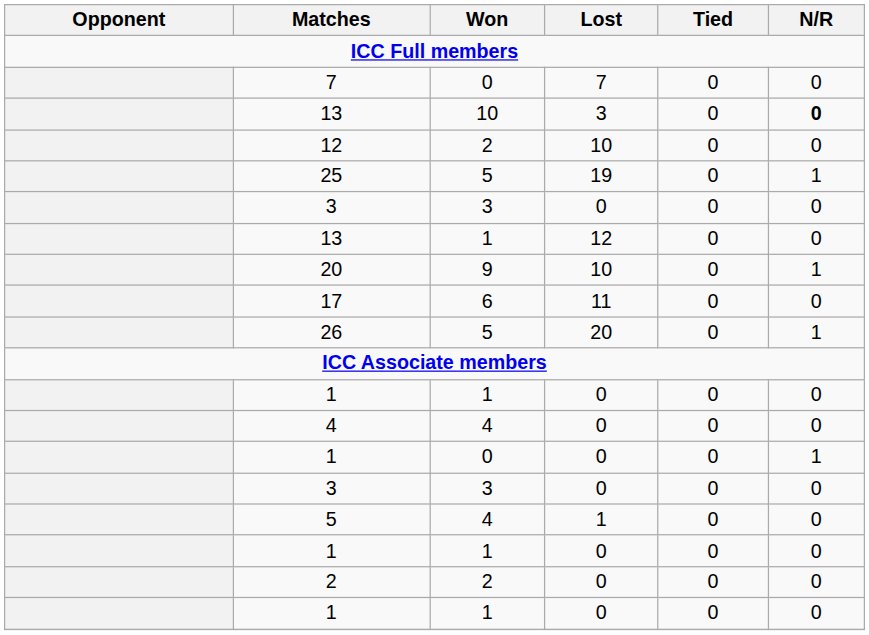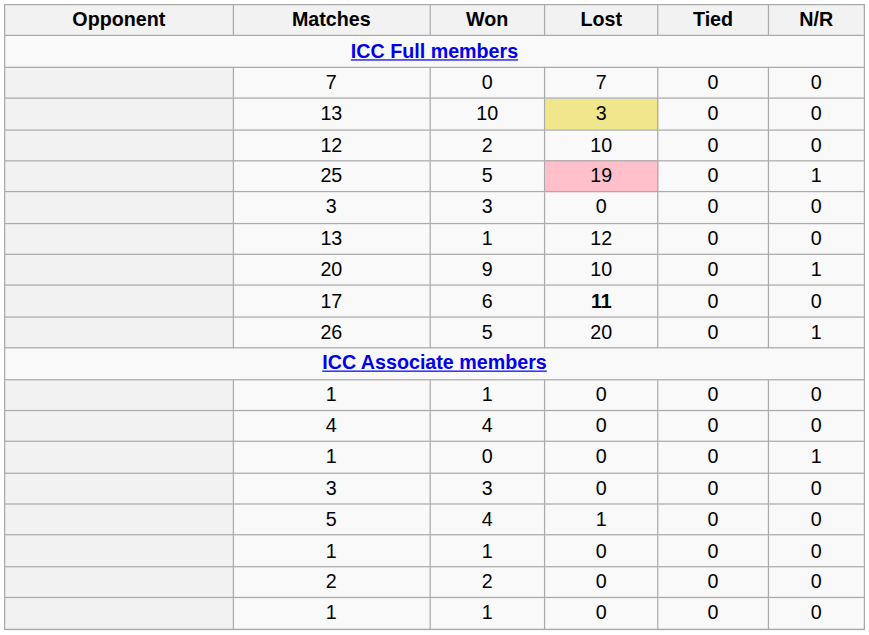 <table class="wikitable plainrowheaders sortable" style="text-align:center;  width: 700px;">
 <tr>
 <th>Opponent</th>
 <th>Matches</th>
 <th>Won</th>
 <th>Lost</th>
 <th>Tied</th>
 <th>N/R</th>
 </tr>
 <tr>
 <td colspan="8" style="text-align: center;"><strong><a href='#'>ICC Full members</a></strong></td>
 </tr>
 <tr>
 <th scope="row"></th>
 <td>7</td>
 <td>0</td>
 <td>7</td>
 <td>0</td>
 <td>0</td>
 </tr>
 <tr>
 <th scope="row"></th>
 <td>13</td>
 <td>10</td>
-<td>3</td>
+<td style="background: khaki;">3</td>
 <td>0</td>
-<td><strong>0</strong></td>
+<td>0</td>
 </tr>
 <tr>
 <th scope="row"></th>
 <td>12</td>
 <td>2</td>
 <td>10</td>
 <td>0</td>
 <td>0</td>
 </tr>
 <tr>
 <th scope="row"></th>
 <td>25</td>
 <td>5</td>
-<td>19</td>
+<td style="background: pink;">19</td>
 <td>0</td>
 <td>1</td>
 </tr>
 <tr>
 <th scope="row"></th>
 <td>3</td>
 <td>3</td>
 <td>0</td>
 <td>0</td>
 <td>0</td>
 </tr>
 <tr>
 <th scope="row"></th>
 <td>13</td>
 <td>1</td>
 <td>12</td>
 <td>0</td>
 <td>0</td>
 </tr>
 <tr>
 <th scope="row"></th>
 <td>20</td>
 <td>9</td>
 <td>10</td>
 <td>0</td>
 <td>1</td>
 </tr>
 <tr>
 <th scope="row"></th>
 <td>17</td>
 <td>6</td>
-<td>11</td>
+<td><strong>11</strong></td>
 <td>0</td>
 <td>0</td>
 </tr>
 <tr>
 <th scope="row"></th>
 <td>26</td>
 <td>5</td>
 <td>20</td>
 <td>0</td>
 <td>1</td>
 </tr>
 <tr>
 <td colspan="8" style="text-align: center;"><strong><a href='#'>ICC Associate members</a></strong></td>
 </tr>
 <tr>
 <th scope="row"></th>
 <td>1</td>
 <td>1</td>
 <td>0</td>
 <td>0</td>
 <td>0</td>
 </tr>
 <tr>
 <th scope="row"></th>
 <td>4</td>
 <td>4</td>
 <td>0</td>
 <td>0</td>
 <td>0</td>
 </tr>
 <tr>
 <th scope="row"></th>
 <td>1</td>
 <td>0</td>
 <td>0</td>
 <td>0</td>
 <td>1</td>
 </tr>
 <tr>
 <th scope="row"></th>
 <td>3</td>
 <td>3</td>
 <td>0</td>
 <td>0</td>
 <td>0</td>
 </tr>
 <tr>
 <th scope="row"></th>
 <td>5</td>
 <td>4</td>
 <td>1</td>
 <td>0</td>
 <td>0</td>
 </tr>
 <tr>
 <th scope="row"></th>
 <td>1</td>
 <td>1</td>
 <td>0</td>
 <td>0</td>
 <td>0</td>
 </tr>
 <tr>
 <th scope="row"></th>
 <td>2</td>
 <td>2</td>
 <td>0</td>
 <td>0</td>
 <td>0</td>
 </tr>
 <tr>
 <th scope="row"></th>
 <td>1</td>
 <td>1</td>
 <td>0</td>
 <td>0</td>
 <td>0</td>
 </tr>
 <tr>
 </tr>
 </table>
